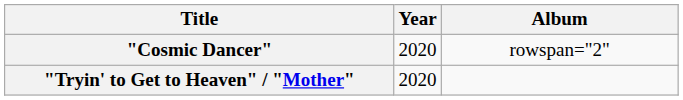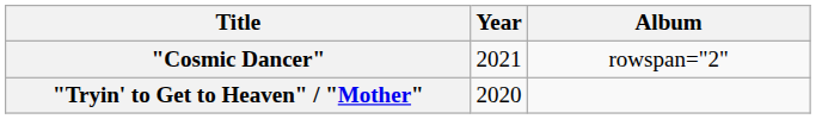 <table class="wikitable plainrowheaders" style="text-align:center;">
 <tr>
 <th scope="col" style="width:20em;">Title</th>
 <th scope="col" style="width:1em;">Year</th>
 <th scope="col" style="width:12em;">Album</th>
 </tr>
 <tr>
 <th scope="row">"Cosmic Dancer" </th>
-<td>2020</td>
+<td>2021</td>
 <td>rowspan="2" </td>
 </tr>
 <tr>
 <th scope="row">"Tryin' to Get to Heaven" / "<a href='#'>Mother</a>"</th>
 <td>2020</td>
 </tr>
 </table>
